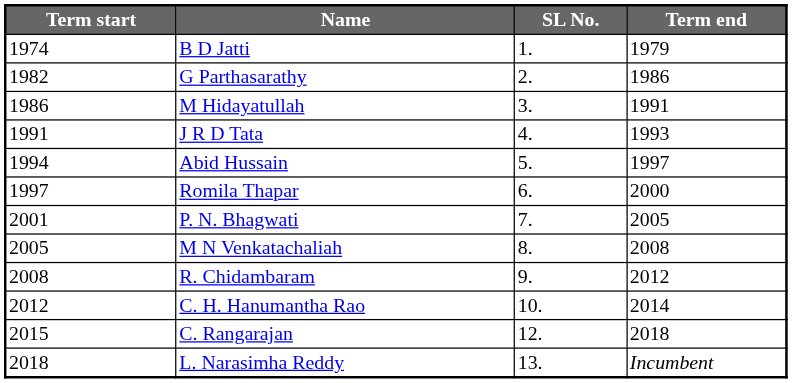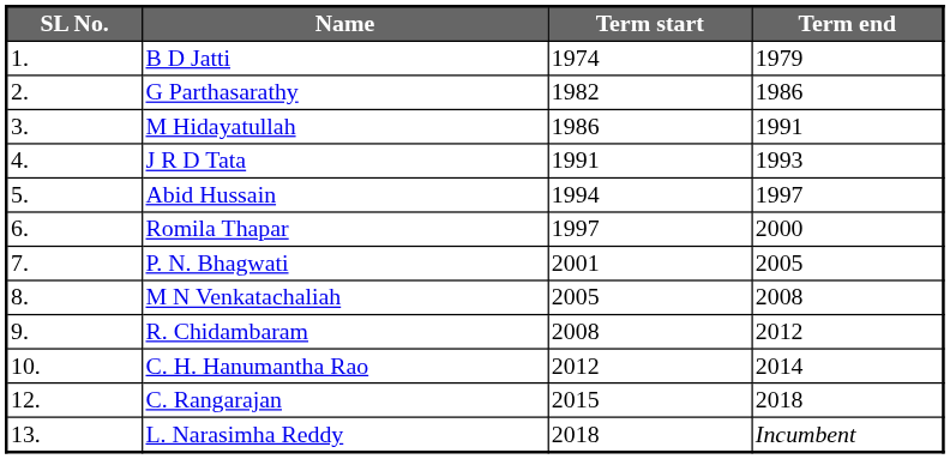 <table class="sortable" width="50%" cellpadding="2" cellspacing="0" border="1" style="border-collapse: collapse; border: 2px #000000 solid; font-size: x-big; font-family: API PHONETIQUE">
 <tr>
+<th style="background-color:#666666; color:white">SL No.</th>
+<th style="background-color:#666666; color:white">Name</th>
 <th style="background-color:#666666; color:white">Term start</th>
-<th style="background-color:#666666; color:white">Name</th>
-<th style="background-color:#666666; color:white">SL No.</th>
 <th style="background-color:#666666; color:white">Term end</th>
 </tr>
 <tr>
+<td>1.</td>
+<td><a href='#'>B D Jatti</a></td>
 <td>1974</td>
-<td><a href='#'>B D Jatti</a></td>
-<td>1.</td>
 <td>1979</td>
 </tr>
 <tr>
+<td>2.</td>
+<td><a href='#'>G Parthasarathy</a></td>
 <td>1982</td>
-<td><a href='#'>G Parthasarathy</a></td>
-<td>2.</td>
 <td>1986</td>
 </tr>
 <tr>
+<td>3.</td>
+<td><a href='#'>M Hidayatullah</a></td>
 <td>1986</td>
-<td><a href='#'>M Hidayatullah</a></td>
-<td>3.</td>
 <td>1991</td>
 </tr>
 <tr>
+<td>4.</td>
+<td><a href='#'>J R D Tata</a></td>
 <td>1991</td>
-<td><a href='#'>J R D Tata</a></td>
-<td>4.</td>
 <td>1993</td>
 </tr>
 <tr>
+<td>5.</td>
+<td><a href='#'>Abid Hussain</a></td>
 <td>1994</td>
-<td><a href='#'>Abid Hussain</a></td>
-<td>5.</td>
 <td>1997</td>
 </tr>
 <tr>
+<td>6.</td>
+<td><a href='#'>Romila Thapar</a></td>
 <td>1997</td>
-<td><a href='#'>Romila Thapar</a></td>
-<td>6.</td>
 <td>2000</td>
 </tr>
 <tr>
+<td>7.</td>
+<td><a href='#'>P. N. Bhagwati</a></td>
 <td>2001</td>
-<td><a href='#'>P. N. Bhagwati</a></td>
-<td>7.</td>
 <td>2005</td>
 </tr>
 <tr>
+<td>8.</td>
+<td><a href='#'>M N Venkatachaliah</a></td>
 <td>2005</td>
-<td><a href='#'>M N Venkatachaliah</a></td>
-<td>8.</td>
 <td>2008</td>
 </tr>
 <tr>
+<td>9.</td>
+<td><a href='#'>R. Chidambaram</a></td>
 <td>2008</td>
-<td><a href='#'>R. Chidambaram</a></td>
-<td>9.</td>
 <td>2012</td>
 </tr>
 <tr>
+<td>10.</td>
+<td><a href='#'>C. H. Hanumantha Rao</a></td>
 <td>2012</td>
-<td><a href='#'>C. H. Hanumantha Rao</a></td>
-<td>10.</td>
 <td>2014</td>
 </tr>
 <tr>
+<td>12.</td>
+<td><a href='#'>C. Rangarajan</a></td>
 <td>2015</td>
-<td><a href='#'>C. Rangarajan</a></td>
-<td>12.</td>
 <td>2018</td>
 </tr>
 <tr>
+<td>13.</td>
+<td><a href='#'>L. Narasimha Reddy</a></td>
 <td>2018</td>
-<td><a href='#'>L. Narasimha Reddy</a></td>
-<td>13.</td>
 <td><em>Incumbent</em></td>
 </tr>
 </table>
